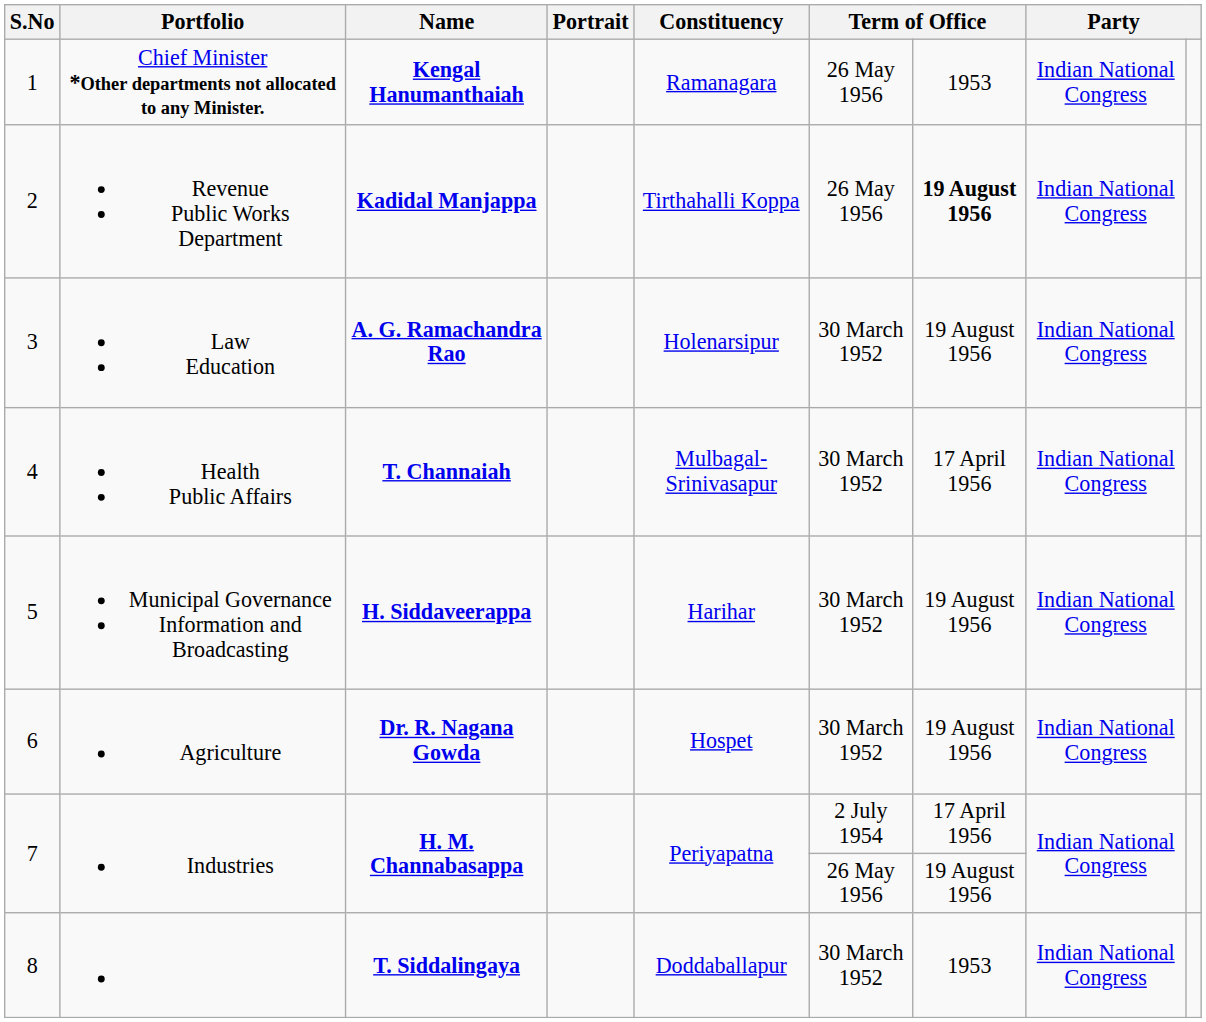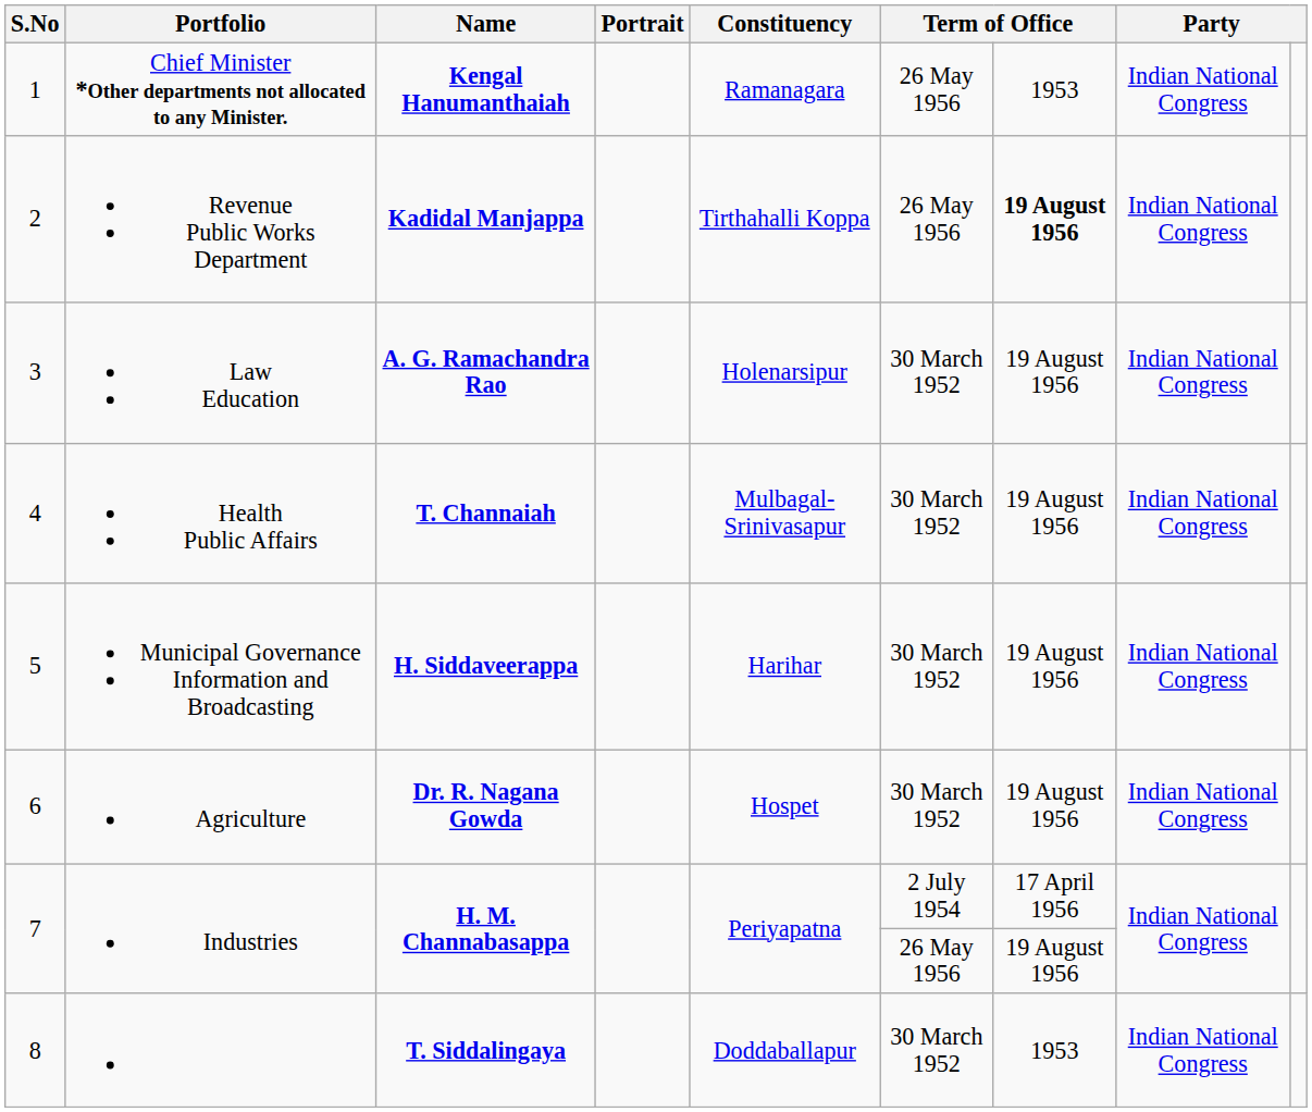 <table class="wikitable sortable" style="text-align:center;">
 <tr>
 <th>S.No</th>
 <th>Portfolio</th>
 <th>Name</th>
 <th>Portrait</th>
 <th>Constituency</th>
 <th colspan="2">Term of Office</th>
 <th colspan="2" scope="col">Party</th>
 </tr>
 <tr>
 <td>1</td>
 <td><a href='#'>Chief Minister</a><br><strong>*<small>Other departments not allocated to any Minister.</small></strong></td>
 <td><strong><a href='#'>Kengal Hanumanthaiah</a></strong><br></td>
 <td></td>
 <td><a href='#'>Ramanagara</a></td>
 <td>26 May 1956</td>
 <td>1953</td>
 <td><a href='#'>Indian National Congress</a></td>
 <td width="4px" style="background-color: "></td>
 </tr>
 <tr>
 <td>2</td>
 <td><br><ul><li>Revenue</li><li>Public Works Department</li></ul></td>
 <td><strong><a href='#'>Kadidal Manjappa</a></strong></td>
 <td></td>
 <td><a href='#'>Tirthahalli Koppa</a></td>
 <td>26 May 1956</td>
 <td><strong>19 August 1956</strong></td>
 <td><a href='#'>Indian National Congress</a></td>
 <td width="4px" style="background-color: "></td>
 </tr>
 <tr>
 <td>3</td>
 <td><br><ul><li>Law</li><li>Education</li></ul></td>
 <td><strong><a href='#'>A. G. Ramachandra Rao</a></strong></td>
 <td></td>
 <td><a href='#'>Holenarsipur</a></td>
 <td>30 March 1952</td>
 <td>19 August 1956</td>
 <td><a href='#'>Indian National Congress</a></td>
 <td width="4px" style="background-color: "></td>
 </tr>
 <tr>
 <td>4</td>
 <td><br><ul><li>Health</li><li>Public Affairs</li></ul></td>
 <td><strong><a href='#'>T. Channaiah</a></strong></td>
 <td></td>
 <td><a href='#'>Mulbagal-Srinivasapur</a></td>
 <td>30 March 1952</td>
-<td>17 April 1956</td>
+<td>19 August 1956</td>
 <td><a href='#'>Indian National Congress</a></td>
 <td width="4px" style="background-color: "></td>
 </tr>
 <tr>
 <td>5</td>
 <td><br><ul><li>Municipal Governance</li><li>Information and Broadcasting</li></ul></td>
 <td><strong><a href='#'>H. Siddaveerappa</a></strong></td>
 <td></td>
 <td><a href='#'>Harihar</a></td>
 <td>30 March 1952</td>
 <td>19 August 1956</td>
 <td><a href='#'>Indian National Congress</a></td>
 <td width="4px" style="background-color: "></td>
 </tr>
 <tr>
 <td>6</td>
 <td><br><ul><li>Agriculture</li></ul></td>
 <td><a href='#'><strong>Dr. R. Nagana Gowda</strong></a></td>
 <td></td>
 <td><a href='#'>Hospet</a></td>
 <td>30 March 1952</td>
 <td>19 August 1956</td>
 <td><a href='#'>Indian National Congress</a></td>
 <td width="4px" style="background-color: "></td>
 </tr>
 <tr>
 <td rowspan="2">7</td>
 <td rowspan="2"><br><ul><li>Industries</li></ul></td>
 <td rowspan="2"><strong><a href='#'>H. M. Channabasappa</a></strong></td>
 <td rowspan="2"></td>
 <td rowspan="2"><a href='#'>Periyapatna</a></td>
 <td>2 July 1954</td>
 <td>17 April 1956</td>
 <td rowspan="2"><a href='#'>Indian National Congress</a></td>
 <td rowspan="2" width="4px" style="background-color: "></td>
 </tr>
 <tr>
 <td>26 May 1956</td>
 <td>19 August 1956</td>
 </tr>
 <tr>
 <td>8</td>
 <td><br><ul><li></li></ul></td>
 <td><strong><a href='#'>T. Siddalingaya</a></strong></td>
 <td></td>
 <td><a href='#'>Doddaballapur</a></td>
 <td>30 March 1952</td>
 <td>1953</td>
 <td><a href='#'>Indian National Congress</a></td>
 <td width="4px" style="background-color: "></td>
 </tr>
 <tr style="text-align:center">
 </tr>
 </table>
